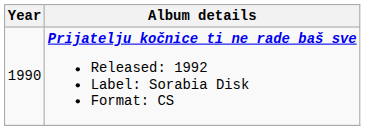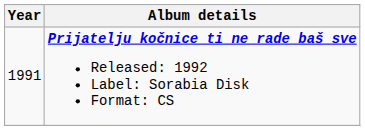 <table class ="wikitable">
 <tr>
 <th>Year</th>
 <th>Album details</th>
 </tr>
 <tr>
-<td align="center" rowspan="1">1990</td>
+<td align="center" rowspan="1">1991</td>
 <td><strong><em><a href='#'>Prijatelju kočnice ti ne rade baš sve</a></em></strong><br><ul><li>Released: 1992</li><li>Label: Sorabia Disk</li><li>Format: CS</li></ul></td>
 </tr>
 <tr>
 </tr>
 </table>
